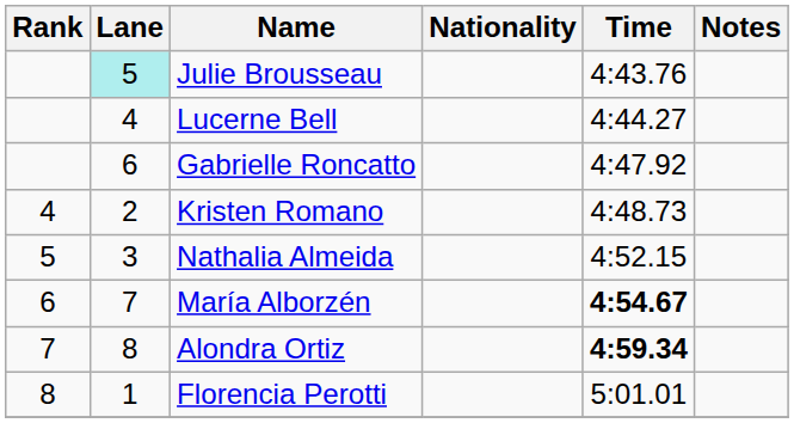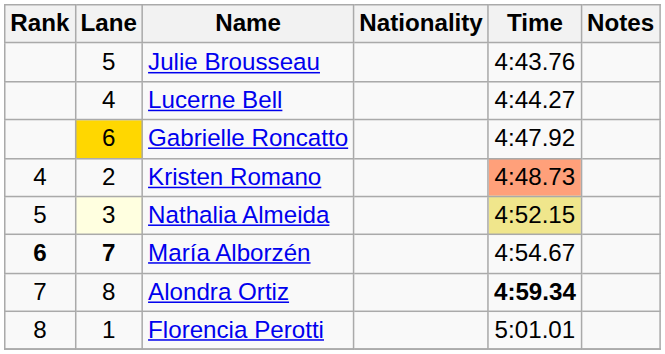 <table class="wikitable sortable" style="text-align:center">
 <tr>
 <th>Rank</th>
 <th>Lane</th>
 <th>Name</th>
 <th>Nationality</th>
 <th>Time</th>
 <th>Notes</th>
 </tr>
 <tr>
 <td></td>
-<td style="background: paleturquoise;">5</td>
+<td>5</td>
 <td align="left"><a href='#'>Julie Brousseau</a></td>
 <td align="left"></td>
 <td>4:43.76</td>
 <td></td>
 </tr>
 <tr>
 <td></td>
 <td>4</td>
 <td align="left"><a href='#'>Lucerne Bell</a></td>
 <td align="left"></td>
 <td>4:44.27</td>
 <td></td>
 </tr>
 <tr>
 <td></td>
-<td>6</td>
+<td style="background: gold;">6</td>
 <td align="left"><a href='#'>Gabrielle Roncatto</a></td>
 <td align="left"></td>
 <td>4:47.92</td>
 <td></td>
 </tr>
 <tr>
 <td>4</td>
 <td>2</td>
 <td align="left"><a href='#'>Kristen Romano</a></td>
 <td align="left"></td>
-<td>4:48.73</td>
+<td style="background: lightsalmon;">4:48.73</td>
 <td></td>
 </tr>
 <tr>
 <td>5</td>
-<td>3</td>
+<td style="background: lightyellow;">3</td>
 <td align="left"><a href='#'>Nathalia Almeida</a></td>
 <td align="left"></td>
-<td>4:52.15</td>
+<td style="background: khaki;">4:52.15</td>
 <td></td>
 </tr>
 <tr>
-<td>6</td>
-<td>7</td>
+<td><strong>6</strong></td>
+<td><strong>7</strong></td>
 <td align="left"><a href='#'>María Alborzén</a></td>
 <td align="left"></td>
-<td><strong>4:54.67</strong></td>
+<td>4:54.67</td>
 <td></td>
 </tr>
 <tr>
 <td>7</td>
 <td>8</td>
 <td align="left"><a href='#'>Alondra Ortiz</a></td>
 <td align="left"></td>
 <td><strong>4:59.34</strong></td>
 <td></td>
 </tr>
 <tr>
 <td>8</td>
 <td>1</td>
 <td align="left"><a href='#'>Florencia Perotti</a></td>
 <td align="left"></td>
 <td>5:01.01</td>
 <td></td>
 </tr>
 <tr>
 </tr>
 </table>
